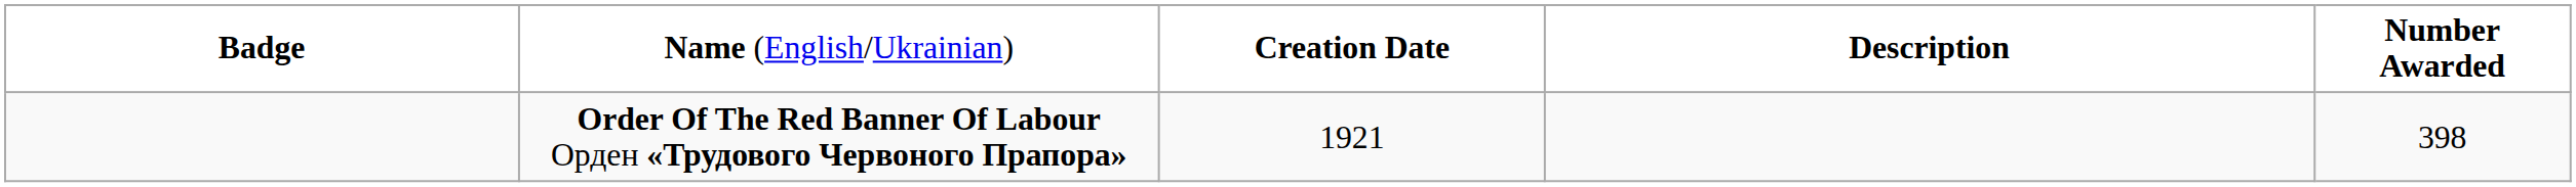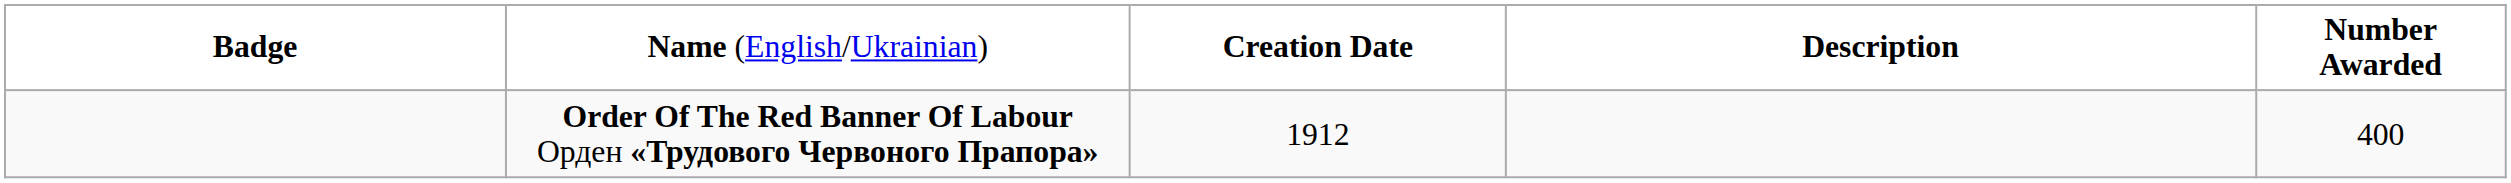 <table class="wikitable" width="100%" style="text-align:center;">
 <tr>
 <td width="20%" bgcolor="#FFFFFF"><strong>Badge</strong></td>
 <td width="25%" bgcolor="#FFFFFF"><strong>Name</strong> (<a href='#'>English</a>/<a href='#'>Ukrainian</a>)</td>
 <td width="15%" bgcolor="#FFFFFF"><strong>Creation Date</strong></td>
 <td width="30%" bgcolor="#FFFFFF"><strong>Description</strong></td>
 <td width="10%" bgcolor="#FFFFFF"><strong>Number Awarded</strong></td>
 </tr>
 <tr>
 <td></td>
 <td><strong>Order Of The Red Banner Of Labour</strong><br>Орден <strong>«Трудового Червоного Прапора»</strong></td>
-<td>1921</td>
+<td>1912</td>
 <td></td>
-<td>398</td>
+<td>400</td>
 </tr>
 </table>
